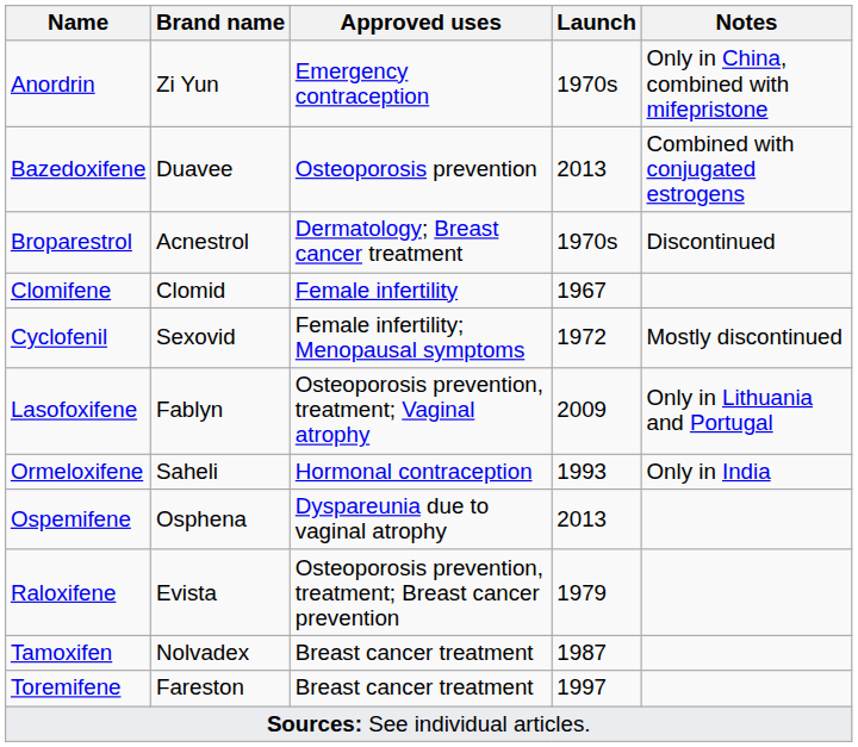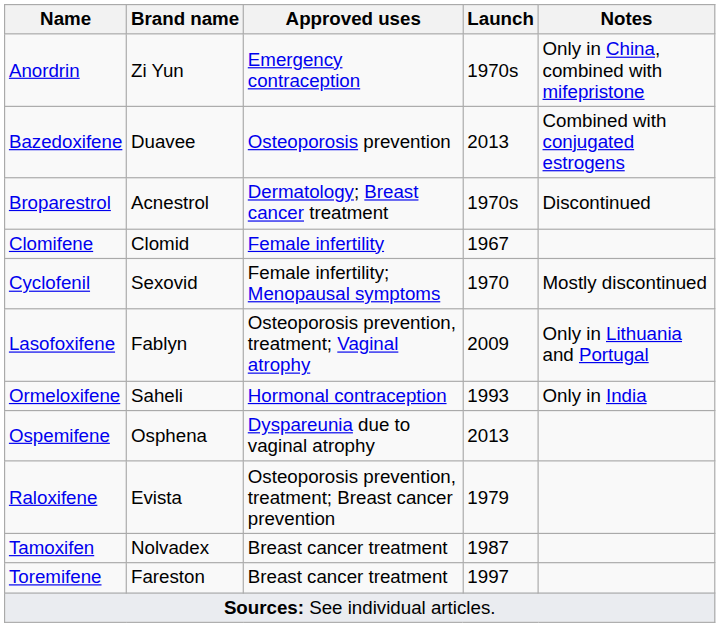 <table class="wikitable sortable mw-collapsible ">
 <tr>
 <th>Name</th>
 <th>Brand name</th>
 <th>Approved uses</th>
 <th>Launch</th>
 <th>Notes</th>
 </tr>
 <tr>
 <td><a href='#'>Anordrin</a></td>
 <td>Zi Yun</td>
 <td><a href='#'>Emergency contraception</a></td>
 <td>1970s</td>
 <td>Only in <a href='#'>China</a>, combined with <a href='#'>mifepristone</a></td>
 </tr>
 <tr>
 <td><a href='#'>Bazedoxifene</a></td>
 <td>Duavee</td>
 <td><a href='#'>Osteoporosis</a> prevention</td>
 <td>2013</td>
 <td>Combined with <a href='#'>conjugated estrogens</a></td>
 </tr>
 <tr>
 <td><a href='#'>Broparestrol</a></td>
 <td>Acnestrol</td>
 <td><a href='#'>Dermatology</a>; <a href='#'>Breast cancer</a> treatment</td>
 <td>1970s</td>
 <td>Discontinued</td>
 </tr>
 <tr>
 <td><a href='#'>Clomifene</a></td>
 <td>Clomid</td>
 <td><a href='#'>Female infertility</a></td>
 <td>1967</td>
 <td></td>
 </tr>
 <tr>
 <td><a href='#'>Cyclofenil</a></td>
 <td>Sexovid</td>
 <td>Female infertility; <a href='#'>Menopausal symptoms</a></td>
-<td>1972</td>
+<td>1970</td>
 <td>Mostly discontinued</td>
 </tr>
 <tr>
 <td><a href='#'>Lasofoxifene</a></td>
 <td>Fablyn</td>
 <td>Osteoporosis prevention, treatment; <a href='#'>Vaginal atrophy</a></td>
 <td>2009</td>
 <td>Only in <a href='#'>Lithuania</a> and <a href='#'>Portugal</a></td>
 </tr>
 <tr>
 <td><a href='#'>Ormeloxifene</a></td>
 <td>Saheli</td>
 <td><a href='#'>Hormonal contraception</a></td>
 <td>1993</td>
 <td>Only in <a href='#'>India</a></td>
 </tr>
 <tr>
 <td><a href='#'>Ospemifene</a></td>
 <td>Osphena</td>
 <td><a href='#'>Dyspareunia</a> due to vaginal atrophy</td>
 <td>2013</td>
 <td></td>
 </tr>
 <tr>
 <td><a href='#'>Raloxifene</a></td>
 <td>Evista</td>
 <td>Osteoporosis prevention, treatment; Breast cancer prevention</td>
 <td>1979</td>
 <td></td>
 </tr>
 <tr>
 <td><a href='#'>Tamoxifen</a></td>
 <td>Nolvadex</td>
 <td>Breast cancer treatment</td>
 <td>1987</td>
 <td></td>
 </tr>
 <tr>
 <td><a href='#'>Toremifene</a></td>
 <td>Fareston</td>
 <td>Breast cancer treatment</td>
 <td>1997</td>
 <td></td>
 </tr>
 <tr class="sortbottom">
 <td colspan="5" style="width: 1px; background-color:#eaecf0; text-align: center;"><strong>Sources:</strong> See individual articles.</td>
 </tr>
 </table>
